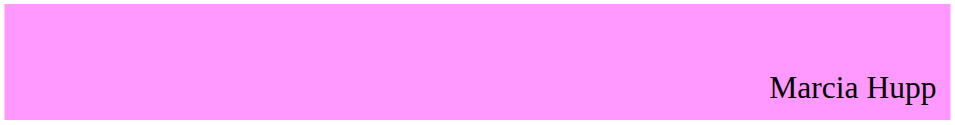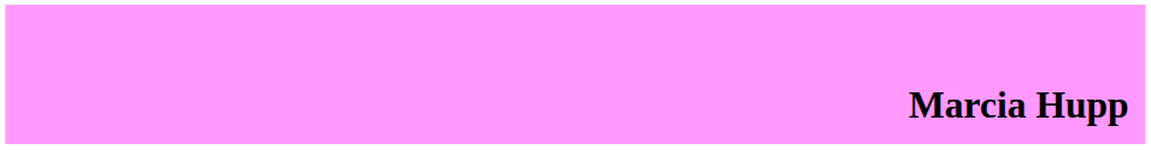 <table class="toccolours" style="float: right; margin-left: 2em; margin-right: 1em; font-size: 90%; background: #FF99FF; width:30em; max-width: 40%;" cellspacing="5">
 <tr>
 <td style="text-align: left;"><br></td>
 </tr>
 <tr>
-<td style="text-align: right;">Marcia Hupp</td>
+<td style="text-align: right;"><strong>Marcia Hupp</strong></td>
 </tr>
 </table>
